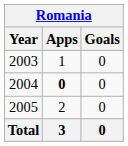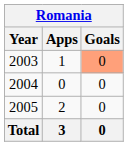 <table class="wikitable" style="text-align:center">
 <tr>
 <th colspan=3><a href='#'>Romania</a></th>
 </tr>
 <tr>
 <th>Year</th>
 <th>Apps</th>
 <th>Goals</th>
 </tr>
 <tr>
 <td>2003</td>
 <td>1</td>
-<td>0</td>
+<td style="background: lightsalmon;">0</td>
 </tr>
 <tr>
 <td>2004</td>
-<td><strong>0</strong></td>
+<td>0</td>
 <td>0</td>
 </tr>
 <tr>
 <td>2005</td>
 <td>2</td>
 <td>0</td>
 </tr>
 <tr>
 <th>Total</th>
 <th>3</th>
 <th>0</th>
 </tr>
 </table>
